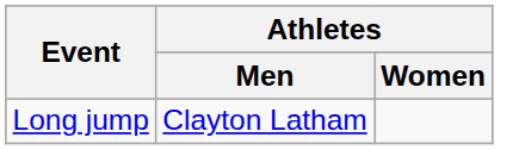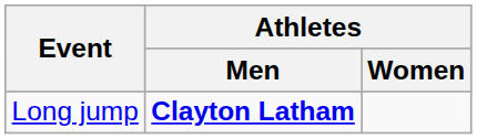 <table class=wikitable style="font-size:90%">
 <tr>
 <th rowspan=2>Event</th>
 <th colspan=2>Athletes</th>
 </tr>
 <tr>
 <th>Men</th>
 <th>Women</th>
 </tr>
 <tr>
 <td><a href='#'>Long jump</a></td>
-<td><a href='#'>Clayton Latham</a></td>
+<td><strong><a href='#'>Clayton Latham</a></strong></td>
 <td></td>
 </tr>
 </table>
